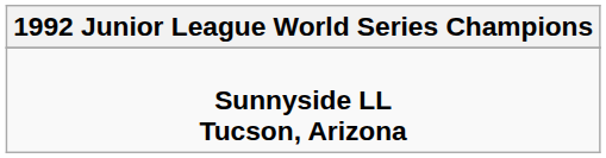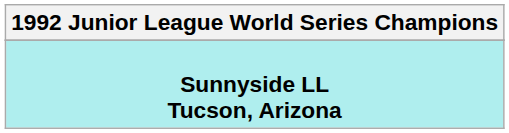 <table class="wikitable" style="text-align: center; margin: 0 auto;">
 <tr>
 <th>1992 Junior League World Series Champions</th>
 </tr>
 <tr>
 </tr>
 <tr>
-<td><br><strong>Sunnyside LL</strong><br><strong>Tucson, Arizona</strong></td>
+<td style="background: paleturquoise;"><br><strong>Sunnyside LL</strong><br><strong>Tucson, Arizona</strong></td>
 </tr>
 </table>
